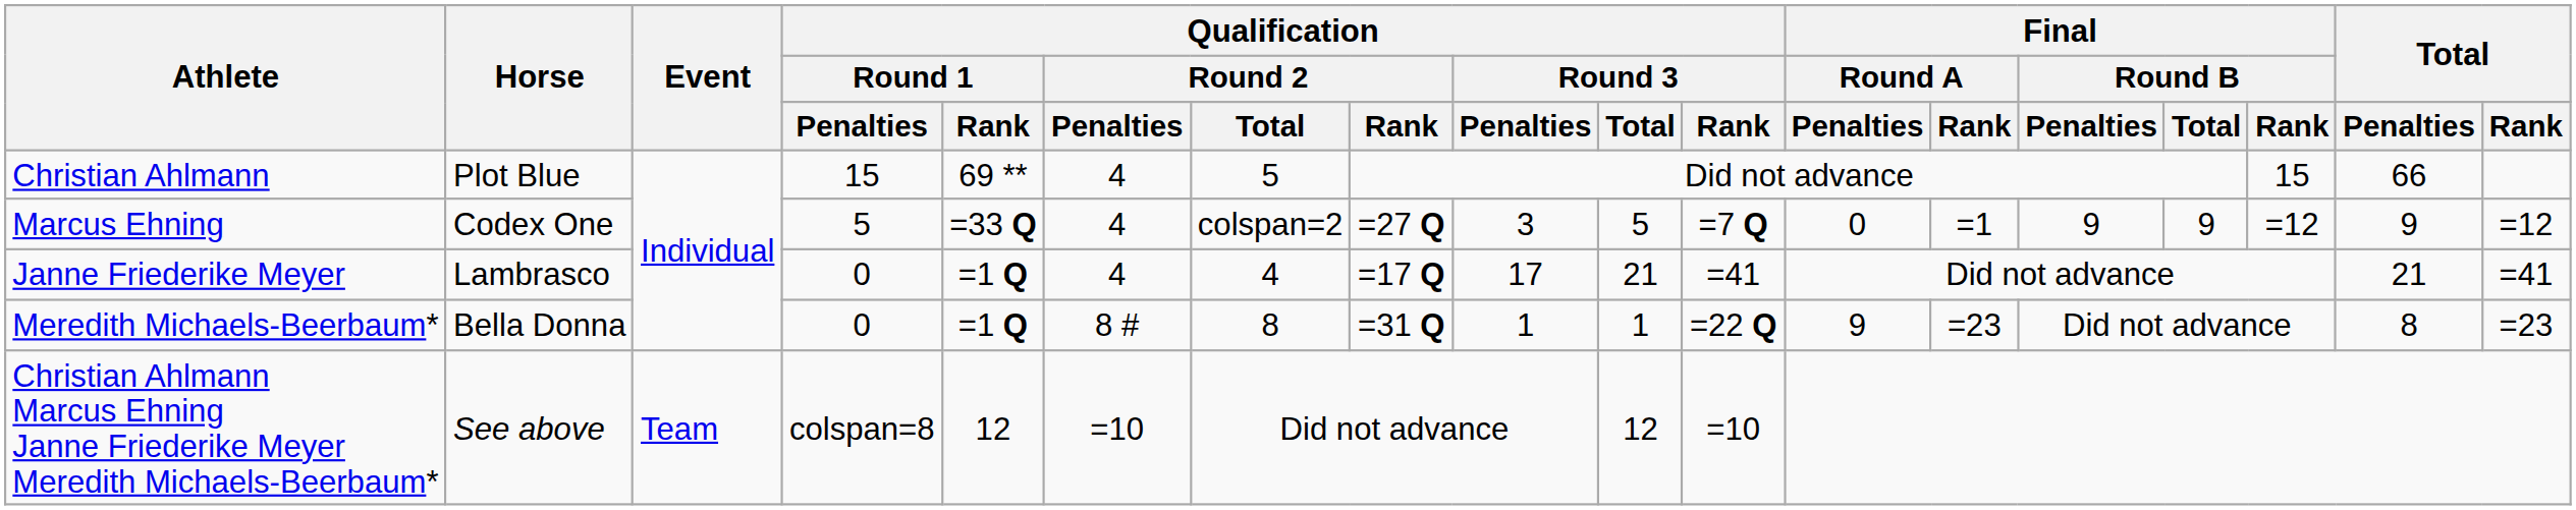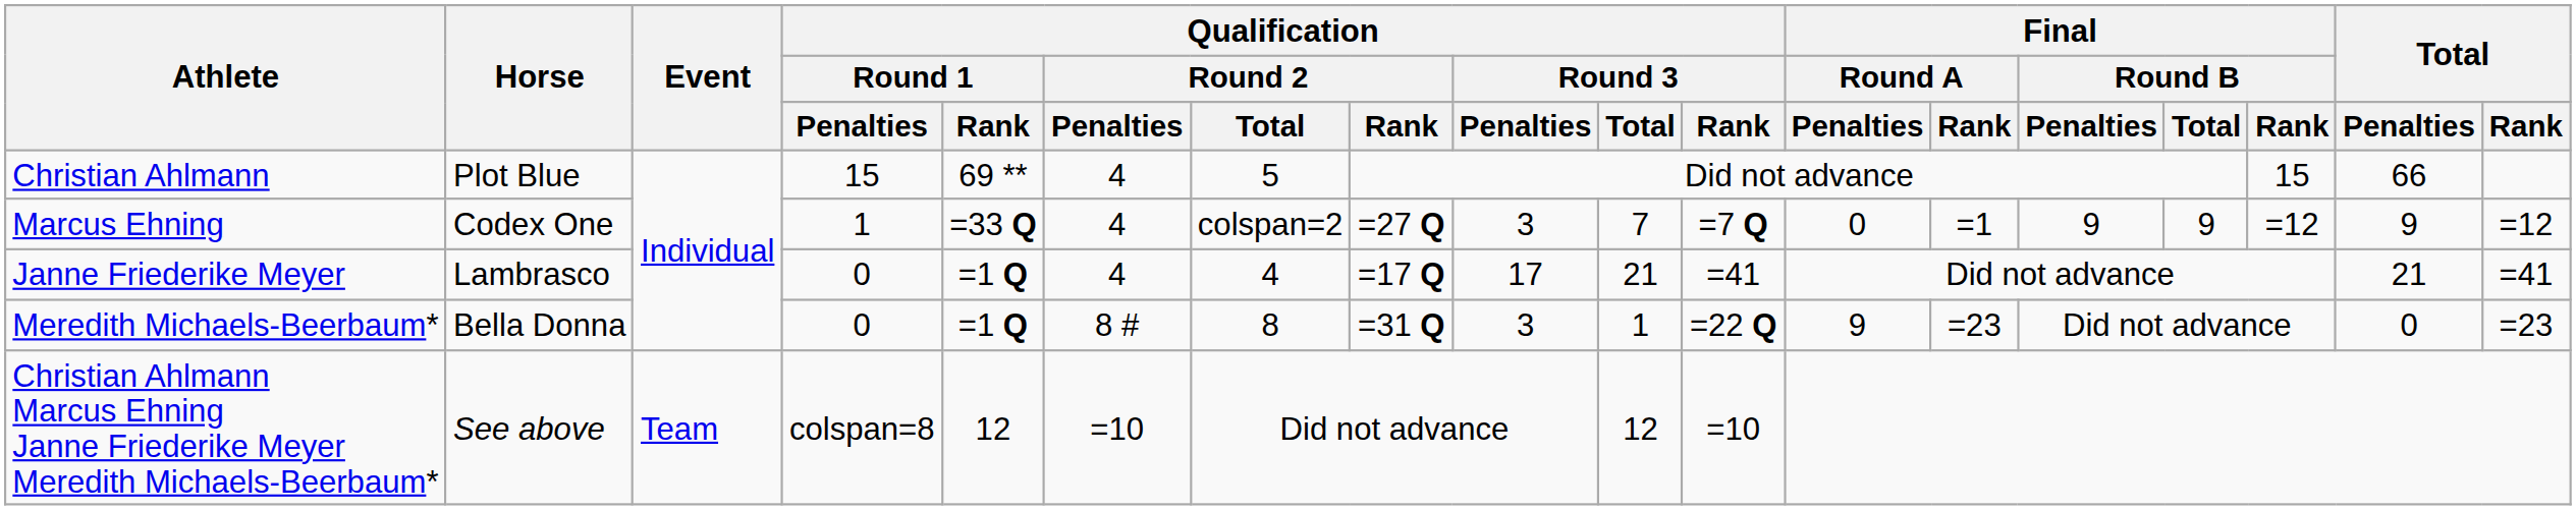 <table class="wikitable" style="font-size:90%">
 <tr>
 <th rowspan="3">Athlete</th>
 <th rowspan="3">Horse</th>
 <th rowspan="3">Event</th>
 <th colspan="8">Qualification</th>
 <th colspan="5">Final</th>
 <th rowspan=2 colspan="2">Total</th>
 </tr>
 <tr style="font-size:95%">
 <th colspan="2">Round 1</th>
 <th colspan="3">Round 2</th>
 <th colspan="3">Round 3</th>
 <th colspan="2">Round A</th>
 <th colspan="3">Round B</th>
 </tr>
 <tr style="font-size:95%">
 <th>Penalties</th>
 <th>Rank</th>
 <th>Penalties</th>
 <th>Total</th>
 <th>Rank</th>
 <th>Penalties</th>
 <th>Total</th>
 <th>Rank</th>
 <th>Penalties</th>
 <th>Rank</th>
 <th>Penalties</th>
 <th>Total</th>
 <th>Rank</th>
 <th>Penalties</th>
 <th>Rank</th>
 </tr>
 <tr align=center>
 <td align=left><a href='#'>Christian Ahlmann</a></td>
 <td align=left>Plot Blue</td>
 <td align=left rowspan=4><a href='#'>Individual</a></td>
 <td>15</td>
 <td>69 **</td>
 <td>4</td>
 <td>5</td>
 <td colspan=8 align=center>Did not advance</td>
 <td>15</td>
 <td>66</td>
 </tr>
 <tr align=center>
 <td align=left><a href='#'>Marcus Ehning</a><br></td>
 <td align=left>Codex One</td>
-<td>5</td>
+<td>1</td>
 <td>=33 <strong>Q</strong></td>
 <td>4</td>
 <td>colspan=2 </td>
 <td>=27 <strong>Q</strong></td>
 <td>3</td>
-<td>5</td>
+<td>7</td>
 <td>=7 <strong>Q</strong></td>
 <td>0</td>
 <td>=1</td>
 <td>9</td>
 <td>9</td>
 <td>=12</td>
 <td>9</td>
 <td>=12</td>
 </tr>
 <tr align=center>
 <td align=left><a href='#'>Janne Friederike Meyer</a></td>
 <td align=left>Lambrasco</td>
 <td>0</td>
 <td>=1 <strong>Q</strong></td>
 <td>4</td>
 <td>4</td>
 <td>=17 <strong>Q</strong></td>
 <td>17</td>
 <td>21</td>
 <td>=41</td>
 <td colspan=5 align=center>Did not advance</td>
 <td>21</td>
 <td>=41</td>
 </tr>
 <tr align=center>
 <td align=left><a href='#'>Meredith Michaels-Beerbaum</a>*</td>
 <td align=left>Bella Donna</td>
 <td>0</td>
 <td>=1 <strong>Q</strong></td>
 <td>8 #</td>
 <td>8</td>
 <td>=31 <strong>Q</strong></td>
-<td>1</td>
+<td>3</td>
 <td>1</td>
 <td>=22 <strong>Q</strong></td>
 <td>9</td>
 <td>=23</td>
 <td colspan=3>Did not advance</td>
-<td>8</td>
+<td>0</td>
 <td>=23</td>
 </tr>
 <tr align=center>
 <td align=left><a href='#'>Christian Ahlmann</a><br><a href='#'>Marcus Ehning</a><br><a href='#'>Janne Friederike Meyer</a><br><a href='#'>Meredith Michaels-Beerbaum</a>*</td>
 <td align=left><em>See above</em></td>
 <td align=left><a href='#'>Team</a></td>
 <td>colspan=8 </td>
 <td>12</td>
 <td>=10</td>
 <td colspan=3>Did not advance</td>
 <td>12</td>
 <td>=10</td>
 </tr>
 </table>
